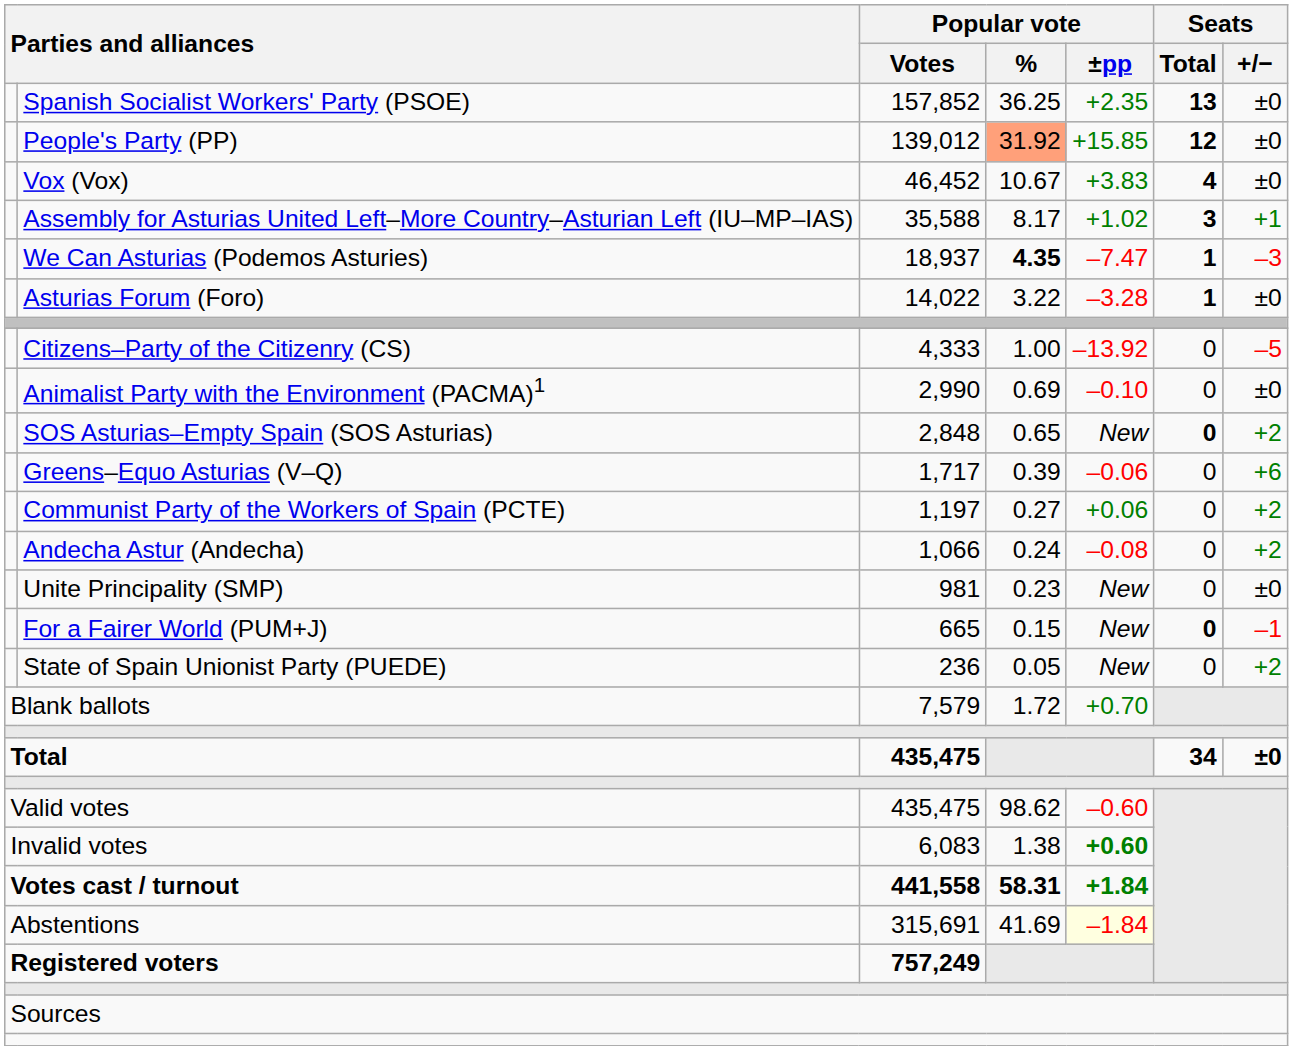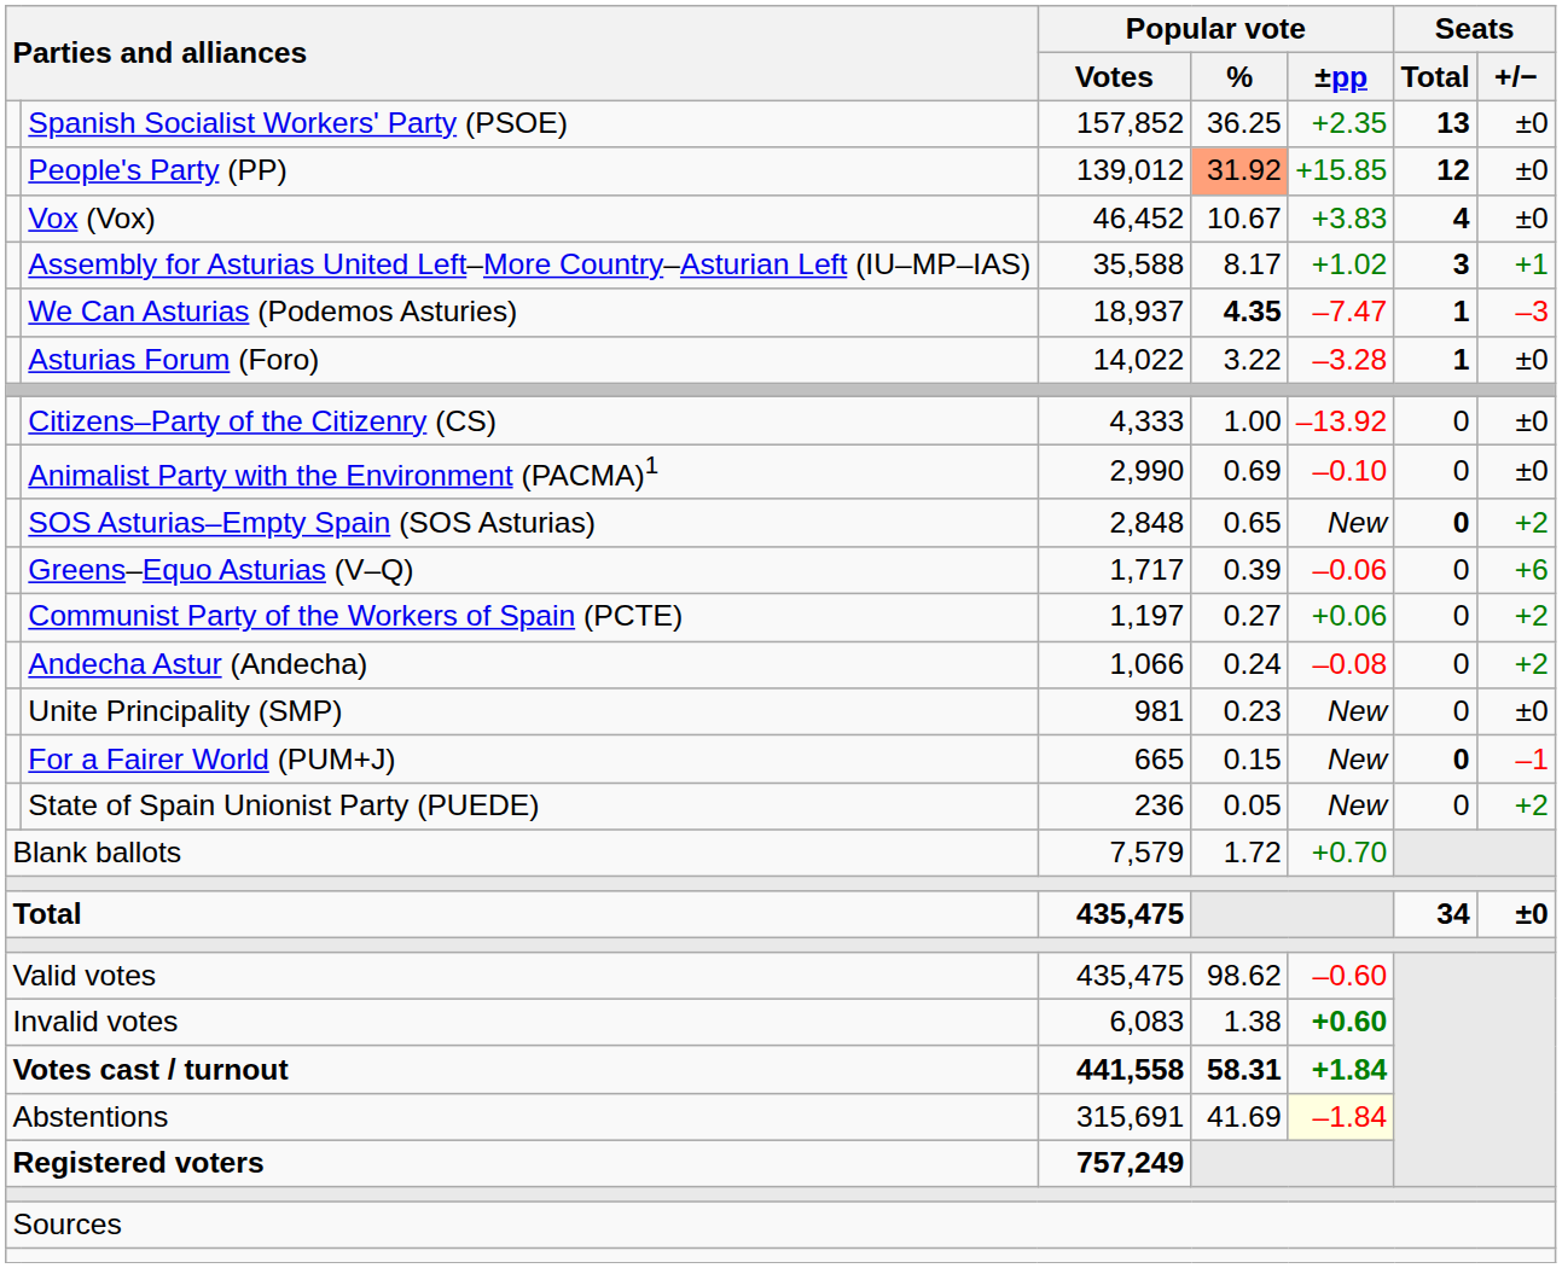 <table class="wikitable" style="text-align:right;">
 <tr>
 <th style="text-align:left;" rowspan="2" colspan="2" width="525">Parties and alliances</th>
 <th colspan="3">Popular vote</th>
 <th colspan="2">Seats</th>
 </tr>
 <tr>
 <th width="75">Votes</th>
 <th width="45">%</th>
 <th width="45">±<a href='#'>pp</a></th>
 <th width="35">Total</th>
 <th width="35">+/−</th>
 </tr>
 <tr>
 <td width="1" style="color:inherit;background:"></td>
 <td align="left"><a href='#'>Spanish Socialist Workers' Party</a> (PSOE)</td>
 <td>157,852</td>
 <td>36.25</td>
 <td style="color:green;">+2.35</td>
 <td><strong>13</strong></td>
 <td>±0</td>
 </tr>
 <tr>
 <td style="color:inherit;background:"></td>
 <td align="left"><a href='#'>People's Party</a> (PP)</td>
 <td>139,012</td>
 <td style="background: lightsalmon;">31.92</td>
 <td style="color:green;">+15.85</td>
 <td><strong>12</strong></td>
 <td>±0</td>
 </tr>
 <tr>
 <td style="color:inherit;background:"></td>
 <td align="left"><a href='#'>Vox</a> (Vox)</td>
 <td>46,452</td>
 <td>10.67</td>
 <td style="color:green;">+3.83</td>
 <td><strong>4</strong></td>
 <td>±0</td>
 </tr>
 <tr>
 <td style="color:inherit;background:"></td>
 <td align="left"><a href='#'>Assembly for Asturias United Left</a>–<a href='#'>More Country</a>–<a href='#'>Asturian Left</a> (IU–MP–IAS)</td>
 <td>35,588</td>
 <td>8.17</td>
 <td style="color:green;">+1.02</td>
 <td><strong>3</strong></td>
 <td style="color:green;">+1</td>
 </tr>
 <tr>
 <td style="color:inherit;background:"></td>
 <td align="left"><a href='#'>We Can Asturias</a> (Podemos Asturies)</td>
 <td>18,937</td>
 <td><strong>4.35</strong></td>
 <td style="color:red;">–7.47</td>
 <td><strong>1</strong></td>
 <td style="color:red;">–3</td>
 </tr>
 <tr>
 <td style="color:inherit;background:"></td>
 <td align="left"><a href='#'>Asturias Forum</a> (Foro)</td>
 <td>14,022</td>
 <td>3.22</td>
 <td style="color:red;">–3.28</td>
 <td><strong>1</strong></td>
 <td>±0</td>
 </tr>
 <tr>
 <td colspan="7" bgcolor="#C0C0C0"></td>
 </tr>
 <tr>
 <td style="color:inherit;background:"></td>
 <td align="left"><a href='#'>Citizens–Party of the Citizenry</a> (CS)</td>
 <td>4,333</td>
 <td>1.00</td>
 <td style="color:red;">–13.92</td>
 <td>0</td>
-<td style="color:red;">–5</td>
+<td>±0</td>
 </tr>
 <tr>
 <td style="color:inherit;background:"></td>
 <td align="left"><a href='#'>Animalist Party with the Environment</a> (PACMA)<sup>1</sup></td>
 <td>2,990</td>
 <td>0.69</td>
 <td style="color:red;">–0.10</td>
 <td>0</td>
 <td>±0</td>
 </tr>
 <tr>
 <td style="color:inherit;background:"></td>
 <td align="left"><a href='#'>SOS Asturias–Empty Spain</a> (SOS Asturias)</td>
 <td>2,848</td>
 <td>0.65</td>
 <td><em>New</em></td>
 <td><strong>0</strong></td>
 <td style="color:green;">+2</td>
 </tr>
 <tr>
 <td style="color:inherit;background:"></td>
 <td align="left"><a href='#'>Greens</a>–<a href='#'>Equo Asturias</a> (V–Q)</td>
 <td>1,717</td>
 <td>0.39</td>
 <td style="color:red;">–0.06</td>
 <td>0</td>
 <td style="color:green;">+6</td>
 </tr>
 <tr>
 <td style="color:inherit;background:"></td>
 <td align="left"><a href='#'>Communist Party of the Workers of Spain</a> (PCTE)</td>
 <td>1,197</td>
 <td>0.27</td>
 <td style="color:green;">+0.06</td>
 <td>0</td>
 <td style="color:green;">+2</td>
 </tr>
 <tr>
 <td bgcolor=></td>
 <td align="left"><a href='#'>Andecha Astur</a> (Andecha)</td>
 <td>1,066</td>
 <td>0.24</td>
 <td style="color:red;">–0.08</td>
 <td>0</td>
 <td style="color:green;">+2</td>
 </tr>
 <tr>
 <td style="color:inherit;background:"></td>
 <td align="left">Unite Principality (SMP)</td>
 <td>981</td>
 <td>0.23</td>
 <td><em>New</em></td>
 <td>0</td>
 <td>±0</td>
 </tr>
 <tr>
 <td style="color:inherit;background:"></td>
 <td align="left"><a href='#'>For a Fairer World</a> (PUM+J)</td>
 <td>665</td>
 <td>0.15</td>
 <td><em>New</em></td>
 <td><strong>0</strong></td>
 <td style="color:red;">–1</td>
 </tr>
 <tr>
 <td style="color:inherit;background:"></td>
 <td align="left">State of Spain Unionist Party (PUEDE)</td>
 <td>236</td>
 <td>0.05</td>
 <td><em>New</em></td>
 <td>0</td>
 <td style="color:green;">+2</td>
 </tr>
 <tr>
 <td align="left" colspan="2">Blank ballots</td>
 <td>7,579</td>
 <td>1.72</td>
 <td style="color:green;">+0.70</td>
 <td bgcolor="#E9E9E9" colspan="2"></td>
 </tr>
 <tr>
 <td colspan="7" bgcolor="#E9E9E9"></td>
 </tr>
 <tr style="font-weight:bold;">
 <td align="left" colspan="2">Total</td>
 <td>435,475</td>
 <td bgcolor="#E9E9E9" colspan="2"></td>
 <td>34</td>
 <td>±0</td>
 </tr>
 <tr>
 <td colspan="7" bgcolor="#E9E9E9"></td>
 </tr>
 <tr>
 <td align="left" colspan="2">Valid votes</td>
 <td>435,475</td>
 <td>98.62</td>
 <td style="color:red;">–0.60</td>
 <td bgcolor="#E9E9E9" colspan="2" rowspan="5"></td>
 </tr>
 <tr>
 <td align="left" colspan="2">Invalid votes</td>
 <td>6,083</td>
 <td>1.38</td>
 <td style="color:green;"><strong>+0.60</strong></td>
 </tr>
 <tr style="font-weight:bold;">
 <td align="left" colspan="2">Votes cast / turnout</td>
 <td>441,558</td>
 <td>58.31</td>
 <td style="color:green;">+1.84</td>
 </tr>
 <tr>
 <td align="left" colspan="2">Abstentions</td>
 <td>315,691</td>
 <td>41.69</td>
 <td style="background: lightyellow; color:red;">–1.84</td>
 </tr>
 <tr style="font-weight:bold;">
 <td align="left" colspan="2">Registered voters</td>
 <td>757,249</td>
 <td bgcolor="#E9E9E9" colspan="2"></td>
 </tr>
 <tr>
 <td colspan="7" bgcolor="#E9E9E9"></td>
 </tr>
 <tr>
 <td align="left" colspan="7">Sources</td>
 </tr>
 <tr>
 <td colspan="7" style="text-align:left; max-width:790px;"></td>
 </tr>
 </table>
